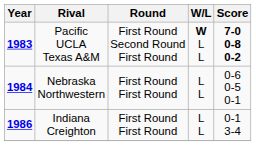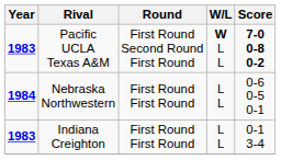 <table class="wikitable">
 <tr>
 <th width=px>Year</th>
 <th width=px>Rival</th>
 <th width=px>Round</th>
 <th width=px>W/L</th>
 <th width=px>Score</th>
 </tr>
 <tr align="center">
 <td><strong><a href='#'>1983</a></strong></td>
 <td>Pacific <br> UCLA <br> Texas A&M</td>
 <td>First Round <br> Second Round <br> First Round</td>
 <td><strong>W</strong> <br> L <br> L</td>
 <td><strong>7-0<br> 0-8 <br> 0-2</strong></td>
 </tr>
 <tr align="center">
 <td><strong><a href='#'>1984</a></strong></td>
 <td>Nebraska <br> Northwestern</td>
 <td>First Round <br> First Round</td>
 <td>L <br> L</td>
 <td>0-6 <br> 0-5<br> 0-1</td>
 </tr>
 <tr align="center">
-<td><strong><a href='#'>1986</a></strong></td>
+<td><strong><a href='#'>1983</a></strong></td>
 <td>Indiana <br> Creighton</td>
 <td>First Round <br> First Round</td>
 <td>L <br> L</td>
 <td>0-1 <br> 3-4</td>
 </tr>
 <tr align="center">
 </tr>
 </table>
